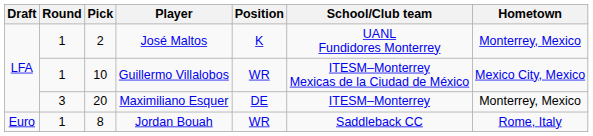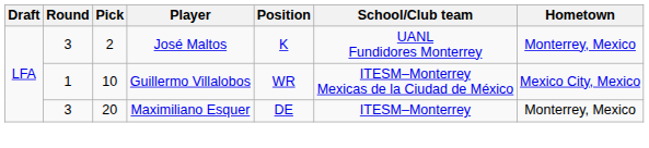 <table class="wikitable sortable">
 <tr>
 <th scope="col">Draft</th>
 <th scope="col">Round</th>
 <th scope="col">Pick</th>
 <th scope="col">Player</th>
 <th scope="col">Position</th>
 <th scope="col">School/Club team</th>
 <th scope="col">Hometown</th>
 </tr>
 <tr align="center">
 <td align=center rowspan="3"><a href='#'>LFA</a></td>
-<td>1</td>
+<td>3</td>
 <td>2</td>
 <td><a href='#'>José Maltos</a></td>
 <td><a href='#'>K</a></td>
 <td><a href='#'>UANL</a><br><a href='#'>Fundidores Monterrey</a></td>
 <td><a href='#'>Monterrey, Mexico</a></td>
 </tr>
 <tr align="center">
 <td>1</td>
 <td>10</td>
 <td><a href='#'>Guillermo Villalobos</a></td>
 <td><a href='#'>WR</a></td>
 <td><a href='#'>ITESM–Monterrey</a><br><a href='#'>Mexicas de la Ciudad de México</a></td>
 <td><a href='#'>Mexico City, Mexico</a></td>
 </tr>
 <tr align="center">
 <td>3</td>
 <td>20</td>
 <td><a href='#'>Maximiliano Esquer</a></td>
 <td><a href='#'>DE</a></td>
 <td><a href='#'>ITESM–Monterrey</a></td>
 <td>Monterrey, Mexico</td>
 </tr>
-<tr align="center">
-<td align=center><a href='#'>Euro</a></td>
-<td>1</td>
-<td>8</td>
-<td><a href='#'>Jordan Bouah</a></td>
-<td><a href='#'>WR</a></td>
-<td><a href='#'>Saddleback CC</a></td>
-<td><a href='#'>Rome, Italy</a></td>
-</tr>
 </table>
